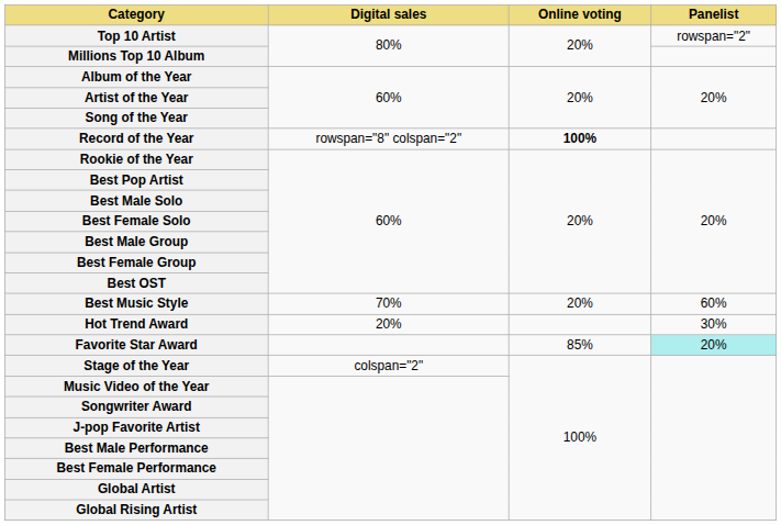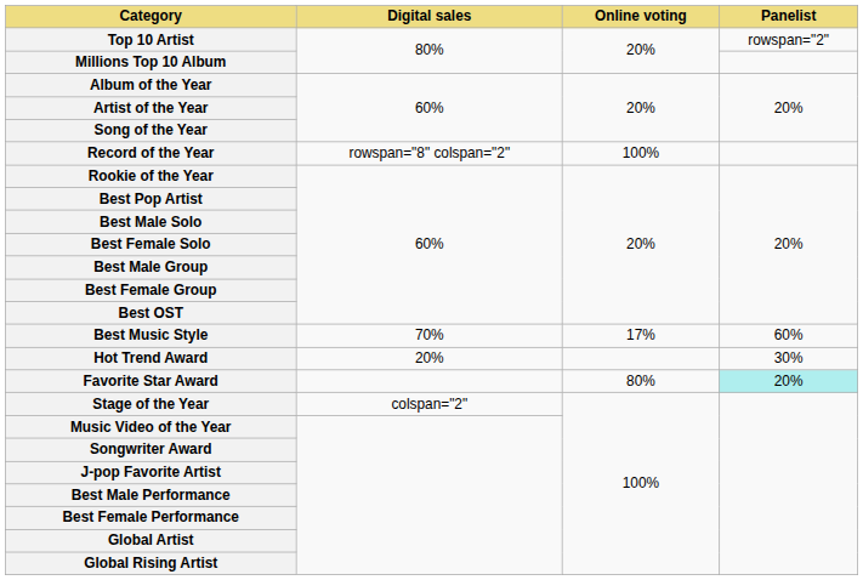 <table class="wikitable" style="text-align:center; width:60%">
 <tr>
 <th scope="col" style="background:#EEDD82">Category</th>
 <th scope="col" style="background:#EEDD82">Digital sales</th>
 <th scope="col" style="background:#EEDD82">Online voting</th>
 <th scope="col" style="background:#EEDD82">Panelist</th>
 </tr>
 <tr>
 <th scope="col">Top 10 Artist</th>
 <td rowspan="2">80%</td>
 <td rowspan="2">20%</td>
 <td>rowspan="2" </td>
 </tr>
 <tr>
 <th scope="col">Millions Top 10 Album</th>
 </tr>
 <tr>
 <th scope="col">Album of the Year</th>
 <td rowspan="3">60%</td>
 <td rowspan="3">20%</td>
 <td rowspan="3">20%</td>
 </tr>
 <tr>
 <th scope="col">Artist of the Year</th>
 </tr>
 <tr>
 <th scope="col">Song of the Year</th>
 </tr>
 <tr>
 <th scope="col">Record of the Year</th>
 <td>rowspan="8" colspan="2" </td>
-<td><strong>100%</strong></td>
+<td>100%</td>
 </tr>
 <tr>
 <th scope="col">Rookie of the Year</th>
 <td rowspan="7">60%</td>
 <td rowspan="7">20%</td>
 <td rowspan="7">20%</td>
 </tr>
 <tr>
 <th scope="col">Best Pop Artist</th>
 </tr>
 <tr>
 <th scope="col">Best Male Solo</th>
 </tr>
 <tr>
 <th scope="col">Best Female Solo</th>
 </tr>
 <tr>
 <th scope="col">Best Male Group</th>
 </tr>
 <tr>
 <th scope="col">Best Female Group</th>
 </tr>
 <tr>
 <th scope="col">Best OST</th>
 </tr>
 <tr>
 <th scope="col">Best Music Style</th>
 <td>70%</td>
-<td>20%</td>
+<td>17%</td>
 <td>60%</td>
 </tr>
 <tr>
 <th scope="col">Hot Trend Award</th>
 <td>20%</td>
 <td></td>
 <td>30%</td>
 </tr>
 <tr>
 <th scope="col">Favorite Star Award</th>
 <td></td>
-<td>85%</td>
+<td>80%</td>
 <td style="background: paleturquoise;">20%</td>
 </tr>
 <tr>
 <th scope="col">Stage of the Year</th>
 <td>colspan="2" </td>
 <td rowspan="8">100%</td>
 </tr>
 <tr>
 <th scope="col">Music Video of the Year</th>
 </tr>
 <tr>
 <th scope="col">Songwriter Award</th>
 </tr>
 <tr>
 <th scope="col">J-pop Favorite Artist</th>
 </tr>
 <tr>
 <th scope="col">Best Male Performance</th>
 </tr>
 <tr>
 <th scope="col">Best Female Performance</th>
 </tr>
 <tr>
 <th scope="col">Global Artist</th>
 </tr>
 <tr>
 <th scope="col">Global Rising Artist</th>
 </tr>
 </table>
